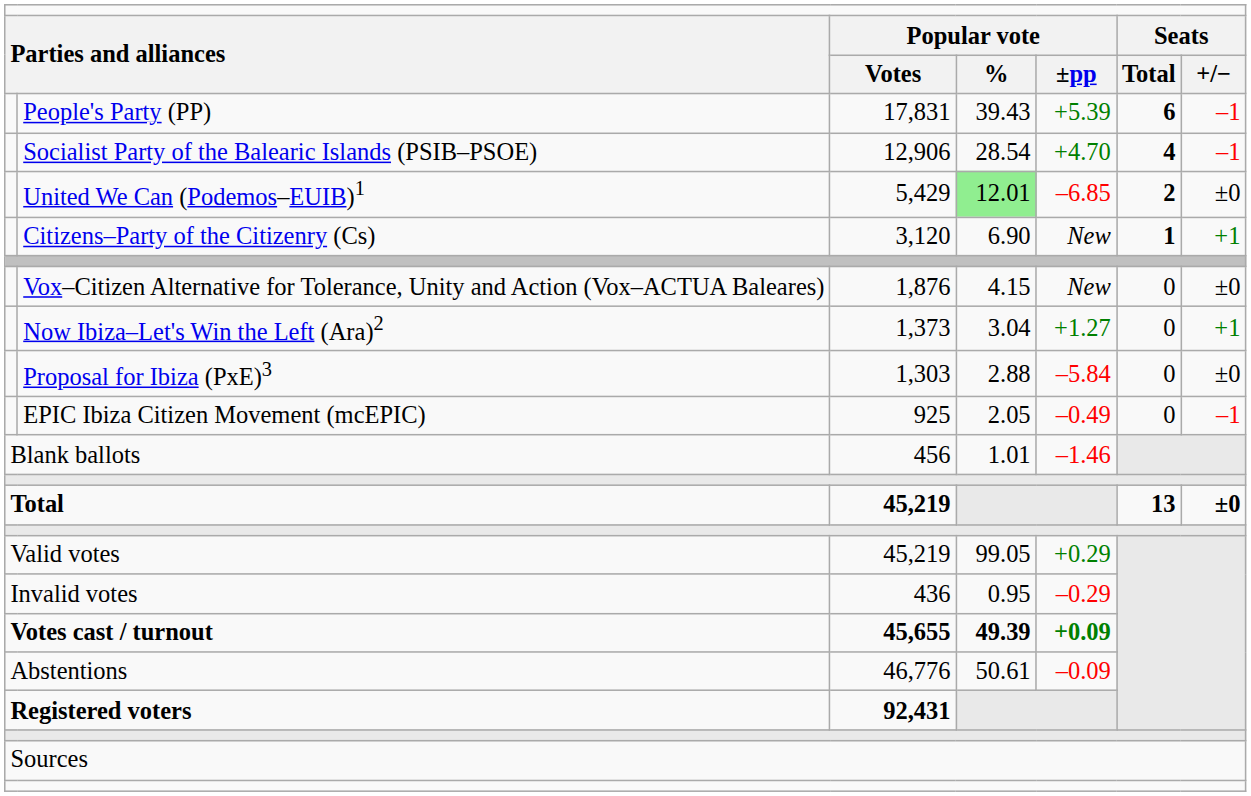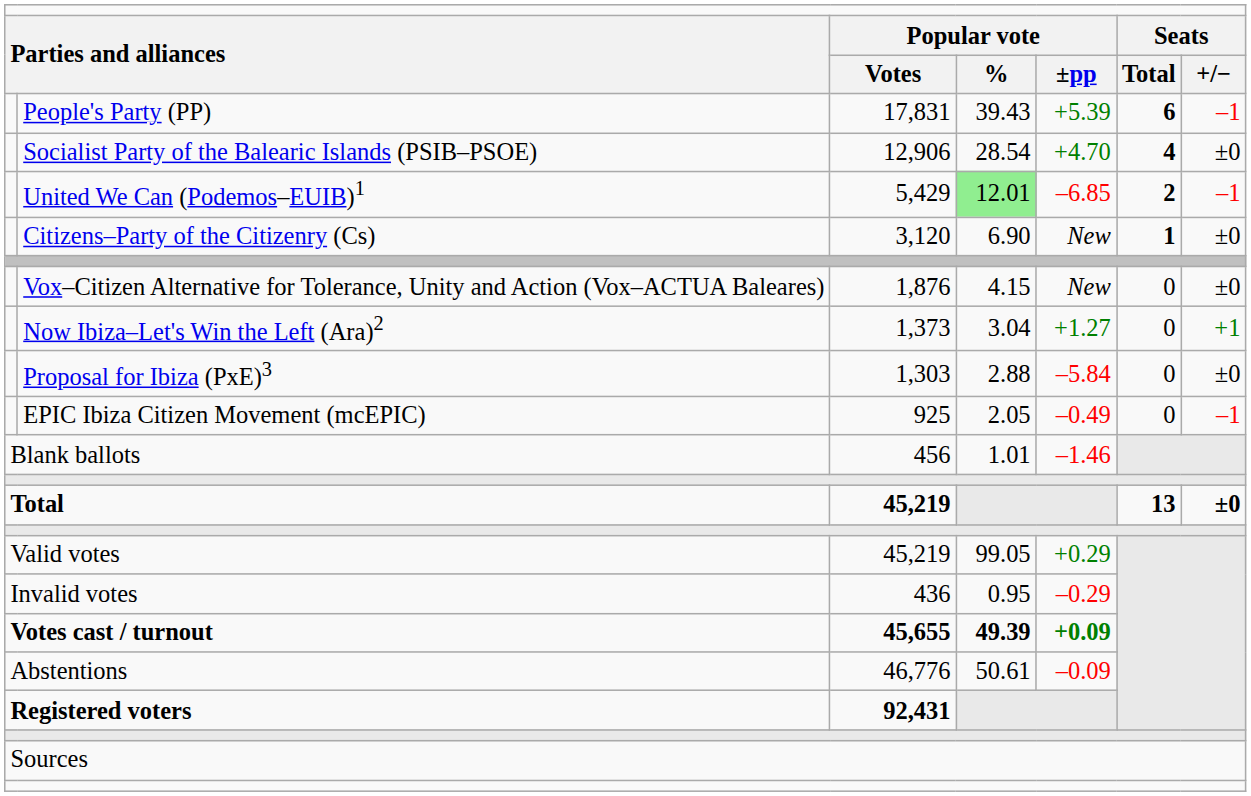 <table class="wikitable" style="text-align:right;">
 <tr>
 <td colspan="7"></td>
 </tr>
 <tr>
 <th style="text-align:left;" rowspan="2" colspan="2" width="525">Parties and alliances</th>
 <th colspan="3">Popular vote</th>
 <th colspan="2">Seats</th>
 </tr>
 <tr>
 <th width="75">Votes</th>
 <th width="45">%</th>
 <th width="45">±<a href='#'>pp</a></th>
 <th width="35">Total</th>
 <th width="35">+/−</th>
 </tr>
 <tr>
 <td width="1" style="color:inherit;background:"></td>
 <td align="left"><a href='#'>People's Party</a> (PP)</td>
 <td>17,831</td>
 <td>39.43</td>
 <td style="color:green;">+5.39</td>
 <td><strong>6</strong></td>
 <td style="color:red;">–1</td>
 </tr>
 <tr>
 <td style="color:inherit;background:"></td>
 <td align="left"><a href='#'>Socialist Party of the Balearic Islands</a> (PSIB–PSOE)</td>
 <td>12,906</td>
 <td>28.54</td>
 <td style="color:green;">+4.70</td>
 <td><strong>4</strong></td>
-<td style="color:red;">–1</td>
+<td>±0</td>
 </tr>
 <tr>
 <td style="color:inherit;background:"></td>
 <td align="left"><a href='#'>United We Can</a> (<a href='#'>Podemos</a>–<a href='#'>EUIB</a>)<sup>1</sup></td>
 <td>5,429</td>
 <td style="background: lightgreen;">12.01</td>
 <td style="color:red;">–6.85</td>
 <td><strong>2</strong></td>
-<td>±0</td>
+<td style="color:red;">–1</td>
 </tr>
 <tr>
 <td style="color:inherit;background:"></td>
 <td align="left"><a href='#'>Citizens–Party of the Citizenry</a> (Cs)</td>
 <td>3,120</td>
 <td>6.90</td>
 <td><em>New</em></td>
 <td><strong>1</strong></td>
-<td style="color:green;">+1</td>
+<td>±0</td>
 </tr>
 <tr>
 <td colspan="7" bgcolor="#C0C0C0"></td>
 </tr>
 <tr>
 <td style="color:inherit;background:"></td>
 <td align="left"><a href='#'>Vox</a>–Citizen Alternative for Tolerance, Unity and Action (Vox–ACTUA Baleares)</td>
 <td>1,876</td>
 <td>4.15</td>
 <td><em>New</em></td>
 <td>0</td>
 <td>±0</td>
 </tr>
 <tr>
 <td style="color:inherit;background:"></td>
 <td align="left"><a href='#'>Now Ibiza–Let's Win the Left</a> (Ara)<sup>2</sup></td>
 <td>1,373</td>
 <td>3.04</td>
 <td style="color:green;">+1.27</td>
 <td>0</td>
 <td style="color:green;">+1</td>
 </tr>
 <tr>
 <td style="color:inherit;background:"></td>
 <td align="left"><a href='#'>Proposal for Ibiza</a> (PxE)<sup>3</sup></td>
 <td>1,303</td>
 <td>2.88</td>
 <td style="color:red;">–5.84</td>
 <td>0</td>
 <td>±0</td>
 </tr>
 <tr>
 <td style="color:inherit;background:"></td>
 <td align="left">EPIC Ibiza Citizen Movement (mcEPIC)</td>
 <td>925</td>
 <td>2.05</td>
 <td style="color:red;">–0.49</td>
 <td>0</td>
 <td style="color:red;">–1</td>
 </tr>
 <tr>
 <td align="left" colspan="2">Blank ballots</td>
 <td>456</td>
 <td>1.01</td>
 <td style="color:red;">–1.46</td>
 <td bgcolor="#E9E9E9" colspan="2"></td>
 </tr>
 <tr>
 <td colspan="7" bgcolor="#E9E9E9"></td>
 </tr>
 <tr style="font-weight:bold;">
 <td align="left" colspan="2">Total</td>
 <td>45,219</td>
 <td bgcolor="#E9E9E9" colspan="2"></td>
 <td>13</td>
 <td>±0</td>
 </tr>
 <tr>
 <td colspan="7" bgcolor="#E9E9E9"></td>
 </tr>
 <tr>
 <td align="left" colspan="2">Valid votes</td>
 <td>45,219</td>
 <td>99.05</td>
 <td style="color:green;">+0.29</td>
 <td bgcolor="#E9E9E9" colspan="2" rowspan="5"></td>
 </tr>
 <tr>
 <td align="left" colspan="2">Invalid votes</td>
 <td>436</td>
 <td>0.95</td>
 <td style="color:red;">–0.29</td>
 </tr>
 <tr style="font-weight:bold;">
 <td align="left" colspan="2">Votes cast / turnout</td>
 <td>45,655</td>
 <td>49.39</td>
 <td style="color:green;">+0.09</td>
 </tr>
 <tr>
 <td align="left" colspan="2">Abstentions</td>
 <td>46,776</td>
 <td>50.61</td>
 <td style="color:red;">–0.09</td>
 </tr>
 <tr style="font-weight:bold;">
 <td align="left" colspan="2">Registered voters</td>
 <td>92,431</td>
 <td bgcolor="#E9E9E9" colspan="2"></td>
 </tr>
 <tr>
 <td colspan="7" bgcolor="#E9E9E9"></td>
 </tr>
 <tr>
 <td align="left" colspan="7">Sources</td>
 </tr>
 <tr>
 <td colspan="7" style="text-align:left; max-width:790px;"></td>
 </tr>
 </table>
